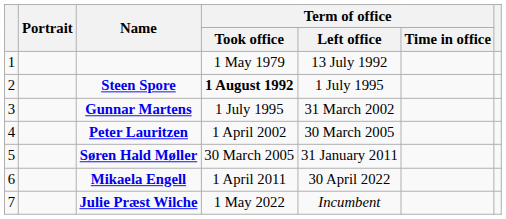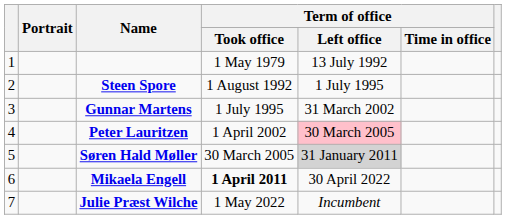 <table class="wikitable" style="text-align:center">
 <tr>
 <th rowspan=2></th>
 <th rowspan=2>Portrait</th>
 <th rowspan=2>Name<br></th>
 <th colspan=3>Term of office</th>
 <th rowspan=2></th>
 </tr>
 <tr>
 <th>Took office</th>
 <th>Left office</th>
 <th>Time in office</th>
 </tr>
 <tr>
 <td>1</td>
 <td></td>
 <td><strong></strong><br></td>
 <td>1 May 1979</td>
 <td>13 July 1992</td>
 <td></td>
 <td></td>
 </tr>
 <tr>
 <td>2</td>
 <td></td>
 <td><strong><a href='#'>Steen Spore</a></strong><br></td>
-<td><strong>1 August 1992</strong></td>
+<td>1 August 1992</td>
 <td>1 July 1995</td>
 <td></td>
 <td></td>
 </tr>
 <tr>
 <td>3</td>
 <td></td>
 <td><strong><a href='#'>Gunnar Martens</a></strong><br></td>
 <td>1 July 1995</td>
 <td>31 March 2002</td>
 <td></td>
 <td></td>
 </tr>
 <tr>
 <td>4</td>
 <td></td>
 <td><strong><a href='#'>Peter Lauritzen</a></strong><br></td>
 <td>1 April 2002</td>
-<td>30 March 2005</td>
+<td style="background: pink;">30 March 2005</td>
 <td></td>
 <td></td>
 </tr>
 <tr>
 <td>5</td>
 <td></td>
 <td><strong><a href='#'>Søren Hald Møller</a></strong><br></td>
 <td>30 March 2005</td>
-<td>31 January 2011</td>
+<td style="background: lightgrey;">31 January 2011</td>
 <td></td>
 <td></td>
 </tr>
 <tr>
 <td>6</td>
 <td></td>
 <td><strong><a href='#'>Mikaela Engell</a></strong><br></td>
-<td>1 April 2011</td>
+<td><strong>1 April 2011</strong></td>
 <td>30 April 2022</td>
 <td></td>
 <td></td>
 </tr>
 <tr>
 <td>7</td>
 <td></td>
 <td><strong><a href='#'>Julie Præst Wilche</a></strong><br></td>
 <td>1 May 2022</td>
 <td><em>Incumbent</em></td>
 <td></td>
 </tr>
 </table>
